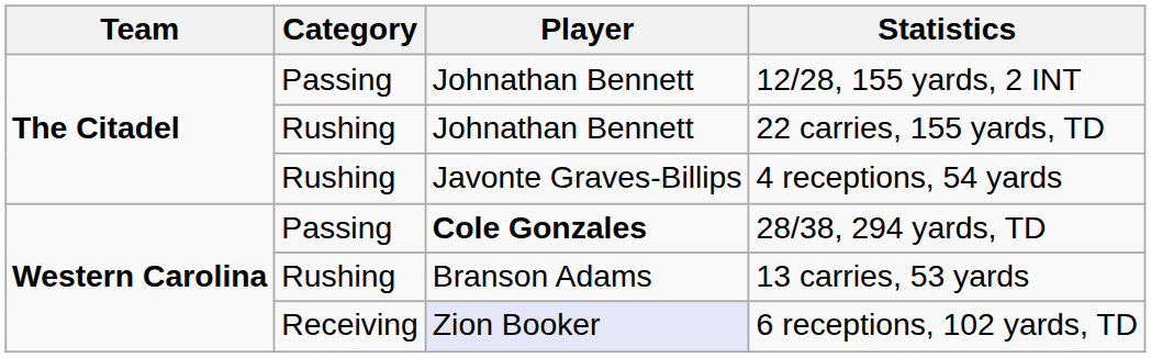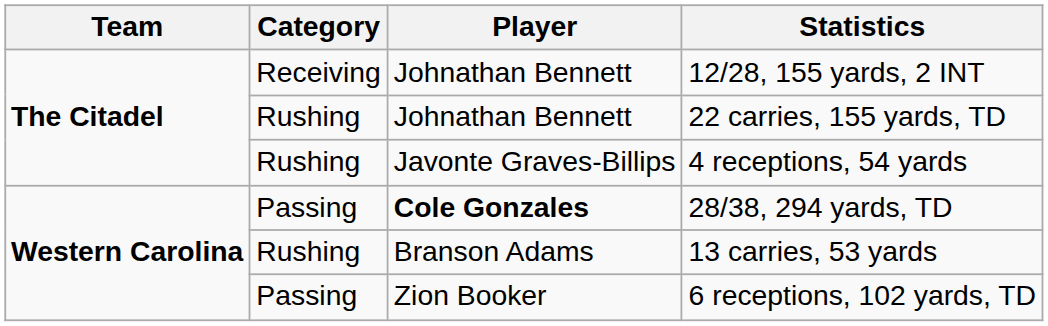 <table class="wikitable" style="float: right;">
 <tr>
 <th>Team</th>
 <th>Category</th>
 <th>Player</th>
 <th>Statistics</th>
 </tr>
 <tr>
 <td rowspan=3><strong>The Citadel</strong></td>
-<td>Passing</td>
+<td>Receiving</td>
 <td>Johnathan Bennett</td>
 <td>12/28, 155 yards, 2 INT</td>
 </tr>
 <tr>
 <td>Rushing</td>
 <td>Johnathan Bennett</td>
 <td>22 carries, 155 yards, TD</td>
 </tr>
 <tr>
 <td>Rushing</td>
 <td>Javonte Graves-Billips</td>
 <td>4 receptions, 54 yards</td>
 </tr>
 <tr>
 <td rowspan=3><strong>Western Carolina</strong></td>
 <td>Passing</td>
 <td><strong>Cole Gonzales</strong></td>
 <td>28/38, 294 yards, TD</td>
 </tr>
 <tr>
 <td>Rushing</td>
 <td>Branson Adams</td>
 <td>13 carries, 53 yards</td>
 </tr>
 <tr>
-<td>Receiving</td>
-<td style="background: lavender;">Zion Booker</td>
+<td>Passing</td>
+<td>Zion Booker</td>
 <td>6 receptions, 102 yards, TD</td>
 </tr>
 </table>
